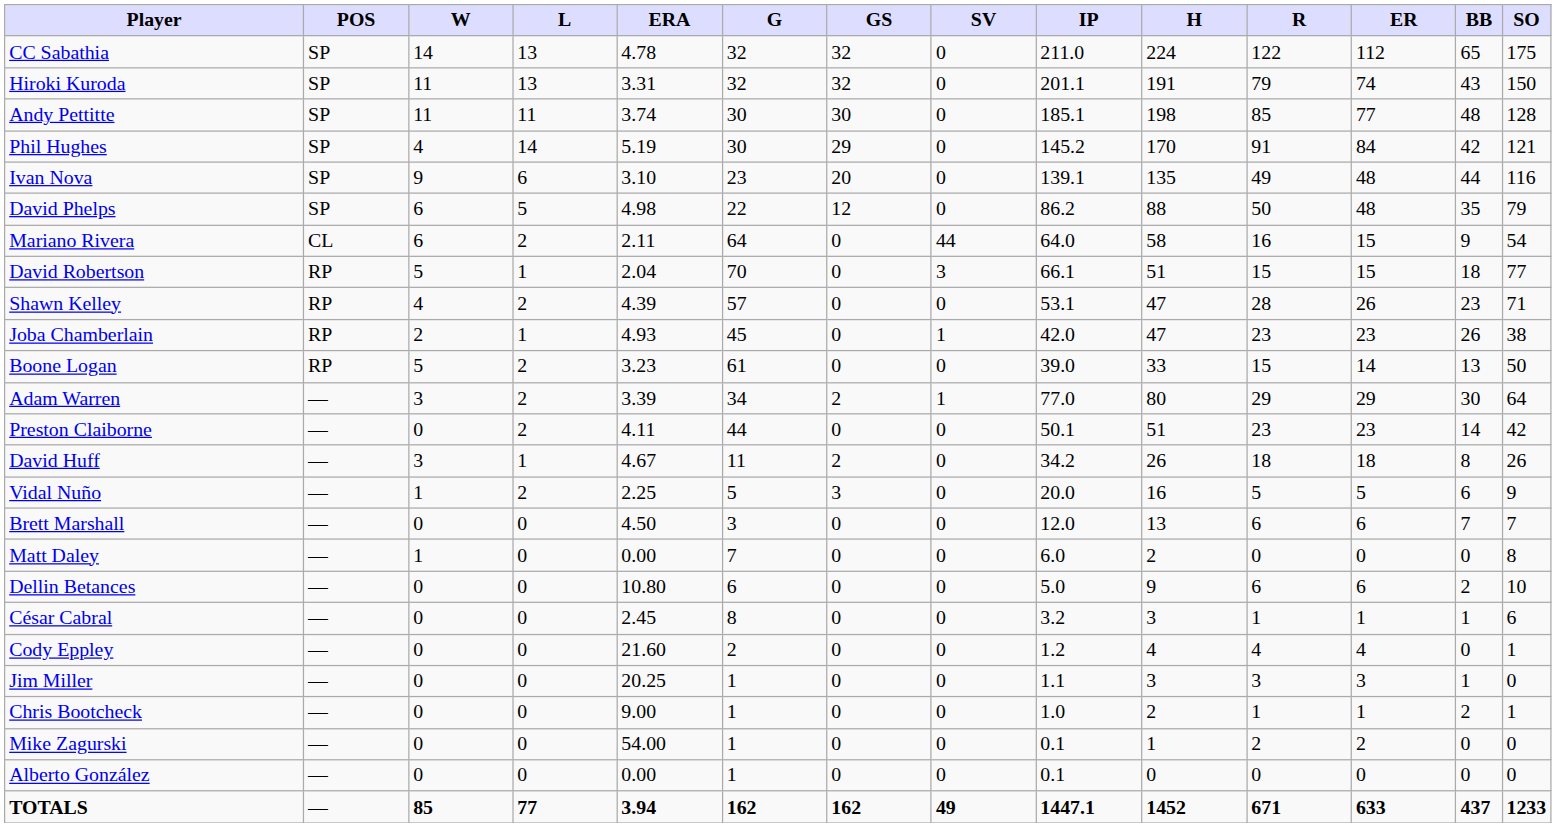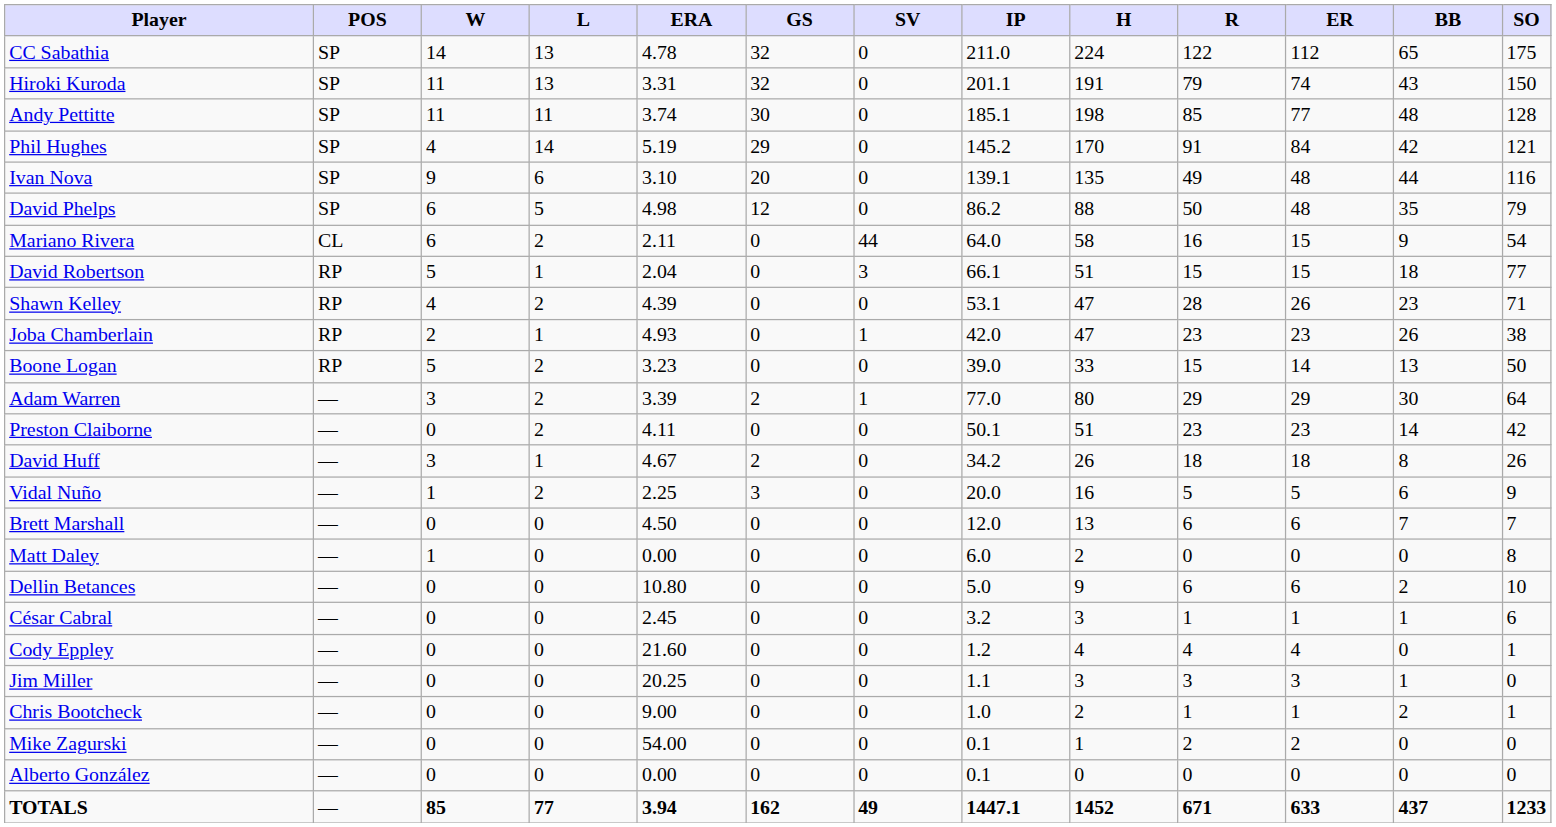 <table class="wikitable sortable">
 <tr>
 <th style="background:#ddf; width:20%">Player</th>
 <th style="background:#ddf; width:7%">POS</th>
 <th style="background:#ddf; width:7%">W</th>
 <th style="background:#ddf; width:7%">L</th>
 <th style="background:#ddf; width:7%">ERA</th>
-<th style="background:#ddf; width:7%">G</th>
 <th style="background:#ddf; width:7%">GS</th>
 <th style="background:#ddf; width:7%">SV</th>
 <th style="background:#ddf; width:7%">IP</th>
 <th style="background:#ddf; width:7%">H</th>
 <th style="background:#ddf; width:7%">R</th>
 <th style="background:#ddf; width:7%">ER</th>
 <th style="background:#ddf; width:7%">BB</th>
 <th style="background:#ddf; width:7%">SO</th>
 </tr>
 <tr>
 <td><a href='#'>CC Sabathia</a></td>
 <td>SP</td>
 <td>14</td>
 <td>13</td>
 <td>4.78</td>
 <td>32</td>
-<td>32</td>
 <td>0</td>
 <td>211.0</td>
 <td>224</td>
 <td>122</td>
 <td>112</td>
 <td>65</td>
 <td>175</td>
 </tr>
 <tr>
 <td><a href='#'>Hiroki Kuroda</a></td>
 <td>SP</td>
 <td>11</td>
 <td>13</td>
 <td>3.31</td>
-<td>32</td>
 <td>32</td>
 <td>0</td>
 <td>201.1</td>
 <td>191</td>
 <td>79</td>
 <td>74</td>
 <td>43</td>
 <td>150</td>
 </tr>
 <tr>
 <td><a href='#'>Andy Pettitte</a></td>
 <td>SP</td>
 <td>11</td>
 <td>11</td>
 <td>3.74</td>
 <td>30</td>
-<td>30</td>
 <td>0</td>
 <td>185.1</td>
 <td>198</td>
 <td>85</td>
 <td>77</td>
 <td>48</td>
 <td>128</td>
 </tr>
 <tr>
 <td><a href='#'>Phil Hughes</a></td>
 <td>SP</td>
 <td>4</td>
 <td>14</td>
 <td>5.19</td>
-<td>30</td>
 <td>29</td>
 <td>0</td>
 <td>145.2</td>
 <td>170</td>
 <td>91</td>
 <td>84</td>
 <td>42</td>
 <td>121</td>
 </tr>
 <tr>
 <td><a href='#'>Ivan Nova</a></td>
 <td>SP</td>
 <td>9</td>
 <td>6</td>
 <td>3.10</td>
-<td>23</td>
 <td>20</td>
 <td>0</td>
 <td>139.1</td>
 <td>135</td>
 <td>49</td>
 <td>48</td>
 <td>44</td>
 <td>116</td>
 </tr>
 <tr>
 <td><a href='#'>David Phelps</a></td>
 <td>SP</td>
 <td>6</td>
 <td>5</td>
 <td>4.98</td>
-<td>22</td>
 <td>12</td>
 <td>0</td>
 <td>86.2</td>
 <td>88</td>
 <td>50</td>
 <td>48</td>
 <td>35</td>
 <td>79</td>
 </tr>
 <tr>
 <td><a href='#'>Mariano Rivera</a></td>
 <td>CL</td>
 <td>6</td>
 <td>2</td>
 <td>2.11</td>
-<td>64</td>
 <td>0</td>
 <td>44</td>
 <td>64.0</td>
 <td>58</td>
 <td>16</td>
 <td>15</td>
 <td>9</td>
 <td>54</td>
 </tr>
 <tr>
 <td><a href='#'>David Robertson</a></td>
 <td>RP</td>
 <td>5</td>
 <td>1</td>
 <td>2.04</td>
-<td>70</td>
 <td>0</td>
 <td>3</td>
 <td>66.1</td>
 <td>51</td>
 <td>15</td>
 <td>15</td>
 <td>18</td>
 <td>77</td>
 </tr>
 <tr>
 <td><a href='#'>Shawn Kelley</a></td>
 <td>RP</td>
 <td>4</td>
 <td>2</td>
 <td>4.39</td>
-<td>57</td>
 <td>0</td>
 <td>0</td>
 <td>53.1</td>
 <td>47</td>
 <td>28</td>
 <td>26</td>
 <td>23</td>
 <td>71</td>
 </tr>
 <tr>
 <td><a href='#'>Joba Chamberlain</a></td>
 <td>RP</td>
 <td>2</td>
 <td>1</td>
 <td>4.93</td>
-<td>45</td>
 <td>0</td>
 <td>1</td>
 <td>42.0</td>
 <td>47</td>
 <td>23</td>
 <td>23</td>
 <td>26</td>
 <td>38</td>
 </tr>
 <tr>
 <td><a href='#'>Boone Logan</a></td>
 <td>RP</td>
 <td>5</td>
 <td>2</td>
 <td>3.23</td>
-<td>61</td>
 <td>0</td>
 <td>0</td>
 <td>39.0</td>
 <td>33</td>
 <td>15</td>
 <td>14</td>
 <td>13</td>
 <td>50</td>
 </tr>
 <tr>
 <td><a href='#'>Adam Warren</a></td>
 <td>—</td>
 <td>3</td>
 <td>2</td>
 <td>3.39</td>
-<td>34</td>
 <td>2</td>
 <td>1</td>
 <td>77.0</td>
 <td>80</td>
 <td>29</td>
 <td>29</td>
 <td>30</td>
 <td>64</td>
 </tr>
 <tr>
 <td><a href='#'>Preston Claiborne</a></td>
 <td>—</td>
 <td>0</td>
 <td>2</td>
 <td>4.11</td>
-<td>44</td>
 <td>0</td>
 <td>0</td>
 <td>50.1</td>
 <td>51</td>
 <td>23</td>
 <td>23</td>
 <td>14</td>
 <td>42</td>
 </tr>
 <tr>
 <td><a href='#'>David Huff</a></td>
 <td>—</td>
 <td>3</td>
 <td>1</td>
 <td>4.67</td>
-<td>11</td>
 <td>2</td>
 <td>0</td>
 <td>34.2</td>
 <td>26</td>
 <td>18</td>
 <td>18</td>
 <td>8</td>
 <td>26</td>
 </tr>
 <tr>
 <td><a href='#'>Vidal Nuño</a></td>
 <td>—</td>
 <td>1</td>
 <td>2</td>
 <td>2.25</td>
-<td>5</td>
 <td>3</td>
 <td>0</td>
 <td>20.0</td>
 <td>16</td>
 <td>5</td>
 <td>5</td>
 <td>6</td>
 <td>9</td>
 </tr>
 <tr>
 <td><a href='#'>Brett Marshall</a></td>
 <td>—</td>
 <td>0</td>
 <td>0</td>
 <td>4.50</td>
-<td>3</td>
 <td>0</td>
 <td>0</td>
 <td>12.0</td>
 <td>13</td>
 <td>6</td>
 <td>6</td>
 <td>7</td>
 <td>7</td>
 </tr>
 <tr>
 <td><a href='#'>Matt Daley</a></td>
 <td>—</td>
 <td>1</td>
 <td>0</td>
 <td>0.00</td>
-<td>7</td>
 <td>0</td>
 <td>0</td>
 <td>6.0</td>
 <td>2</td>
 <td>0</td>
 <td>0</td>
 <td>0</td>
 <td>8</td>
 </tr>
 <tr>
 <td><a href='#'>Dellin Betances</a></td>
 <td>—</td>
 <td>0</td>
 <td>0</td>
 <td>10.80</td>
-<td>6</td>
 <td>0</td>
 <td>0</td>
 <td>5.0</td>
 <td>9</td>
 <td>6</td>
 <td>6</td>
 <td>2</td>
 <td>10</td>
 </tr>
 <tr>
 <td><a href='#'>César Cabral</a></td>
 <td>—</td>
 <td>0</td>
 <td>0</td>
 <td>2.45</td>
-<td>8</td>
 <td>0</td>
 <td>0</td>
 <td>3.2</td>
 <td>3</td>
 <td>1</td>
 <td>1</td>
 <td>1</td>
 <td>6</td>
 </tr>
 <tr>
 <td><a href='#'>Cody Eppley</a></td>
 <td>—</td>
 <td>0</td>
 <td>0</td>
 <td>21.60</td>
-<td>2</td>
 <td>0</td>
 <td>0</td>
 <td>1.2</td>
 <td>4</td>
 <td>4</td>
 <td>4</td>
 <td>0</td>
 <td>1</td>
 </tr>
 <tr>
 <td><a href='#'>Jim Miller</a></td>
 <td>—</td>
 <td>0</td>
 <td>0</td>
 <td>20.25</td>
-<td>1</td>
 <td>0</td>
 <td>0</td>
 <td>1.1</td>
 <td>3</td>
 <td>3</td>
 <td>3</td>
 <td>1</td>
 <td>0</td>
 </tr>
 <tr>
 <td><a href='#'>Chris Bootcheck</a></td>
 <td>—</td>
 <td>0</td>
 <td>0</td>
 <td>9.00</td>
-<td>1</td>
 <td>0</td>
 <td>0</td>
 <td>1.0</td>
 <td>2</td>
 <td>1</td>
 <td>1</td>
 <td>2</td>
 <td>1</td>
 </tr>
 <tr>
 <td><a href='#'>Mike Zagurski</a></td>
 <td>—</td>
 <td>0</td>
 <td>0</td>
 <td>54.00</td>
-<td>1</td>
 <td>0</td>
 <td>0</td>
 <td>0.1</td>
 <td>1</td>
 <td>2</td>
 <td>2</td>
 <td>0</td>
 <td>0</td>
 </tr>
 <tr>
 <td><a href='#'>Alberto González</a></td>
 <td>—</td>
 <td>0</td>
 <td>0</td>
 <td>0.00</td>
-<td>1</td>
 <td>0</td>
 <td>0</td>
 <td>0.1</td>
 <td>0</td>
 <td>0</td>
 <td>0</td>
 <td>0</td>
 <td>0</td>
 </tr>
 <tr>
 <td><strong>TOTALS</strong></td>
 <td>—</td>
 <td><strong>85</strong></td>
 <td><strong>77</strong></td>
 <td><strong>3.94</strong></td>
 <td><strong>162</strong></td>
-<td><strong>162</strong></td>
 <td><strong>49</strong></td>
 <td><strong>1447.1</strong></td>
 <td><strong>1452</strong></td>
 <td><strong>671</strong></td>
 <td><strong>633</strong></td>
 <td><strong>437</strong></td>
 <td><strong>1233</strong></td>
 </tr>
 </table>
